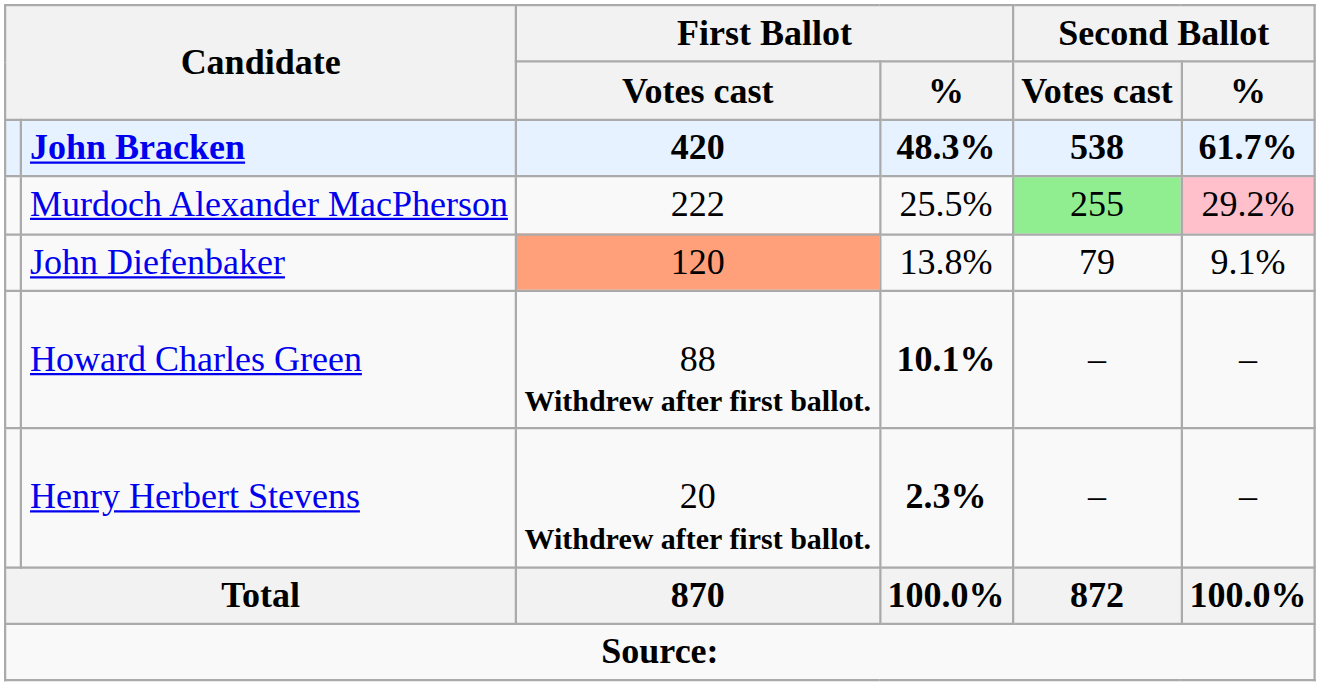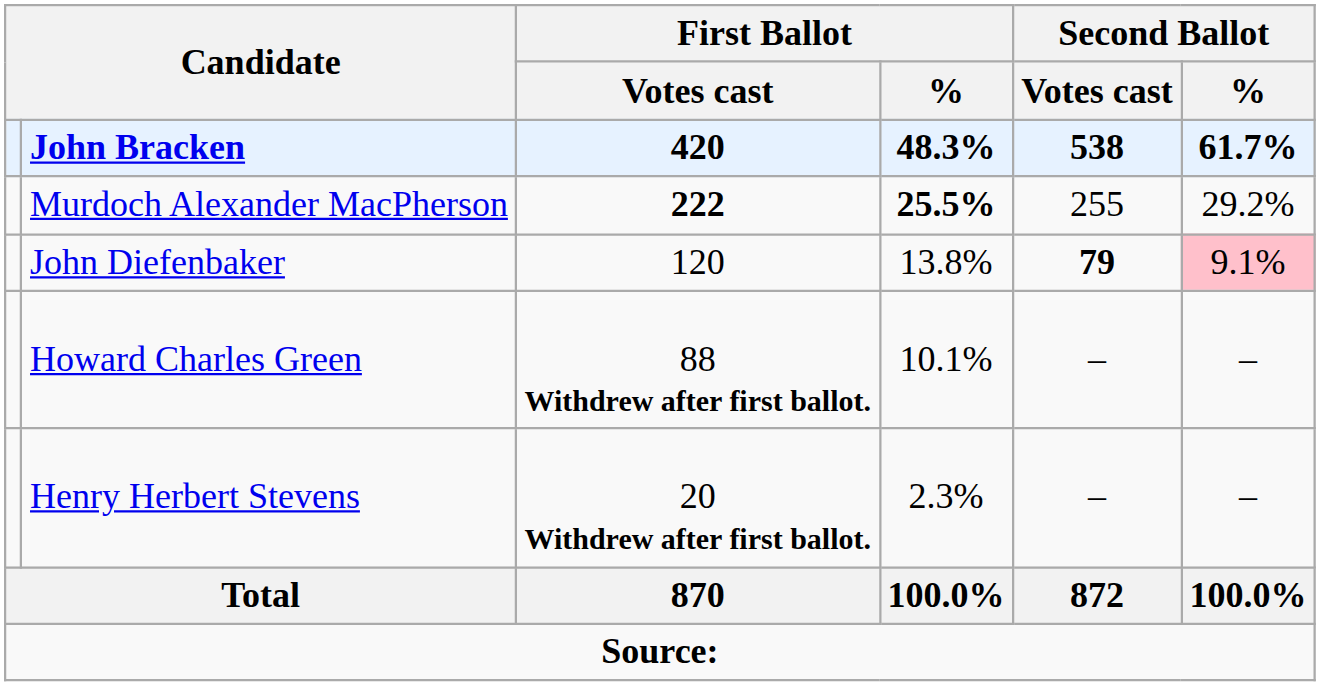 <table class="wikitable">
 <tr>
 <th rowspan="2" colspan="2">Candidate</th>
 <th colspan = "2">First Ballot</th>
 <th colspan = "2">Second Ballot</th>
 </tr>
 <tr>
 <th>Votes cast</th>
 <th>%</th>
 <th>Votes cast</th>
 <th>%</th>
 </tr>
 <tr style="background:#E6F2FF">
 <td></td>
 <td><strong><a href='#'>John Bracken</a></strong></td>
 <td align = "center"><strong>420</strong></td>
 <td align = "center"><strong>48.3%</strong></td>
 <td align = "center"><strong>538</strong></td>
 <td align = "center"><strong>61.7%</strong></td>
 </tr>
 <tr>
 <td></td>
 <td><a href='#'>Murdoch Alexander MacPherson</a></td>
-<td align = "center">222</td>
-<td align = "center">25.5%</td>
-<td align = "center" style="background: lightgreen;">255</td>
-<td align = "center" style="background: pink;">29.2%</td>
+<td align = "center"><strong>222</strong></td>
+<td align = "center"><strong>25.5%</strong></td>
+<td align = "center">255</td>
+<td align = "center">29.2%</td>
 </tr>
 <tr>
 <td></td>
 <td><a href='#'>John Diefenbaker</a></td>
-<td align = "center" style="background: lightsalmon;">120</td>
+<td align = "center">120</td>
 <td align = "center">13.8%</td>
-<td align = "center">79</td>
-<td align = "center">9.1%</td>
+<td align = "center"><strong>79</strong></td>
+<td align = "center" style="background: pink;">9.1%</td>
 </tr>
 <tr>
 <td></td>
 <td><a href='#'>Howard Charles Green</a></td>
 <td align = "center"><br>88<br><strong><small>Withdrew after first ballot.</small></strong></td>
-<td align = "center"><strong>10.1%</strong></td>
+<td align = "center">10.1%</td>
 <td align = "center">–</td>
 <td align = "center">–</td>
 </tr>
 <tr>
 <td></td>
 <td><a href='#'>Henry Herbert Stevens</a></td>
 <td align = "center"><br>20<br><strong><small>Withdrew after first ballot.</small></strong></td>
-<td align = "center"><strong>2.3%</strong></td>
+<td align = "center">2.3%</td>
 <td align = "center">–</td>
 <td align = "center">–</td>
 </tr>
 <tr>
 <th colspan = "2">Total</th>
 <th>870</th>
 <th>100.0%</th>
 <th>872</th>
 <th>100.0%</th>
 </tr>
 <tr>
 <td align="center" colspan=6><strong>Source:</strong>  </td>
 </tr>
 </table>
